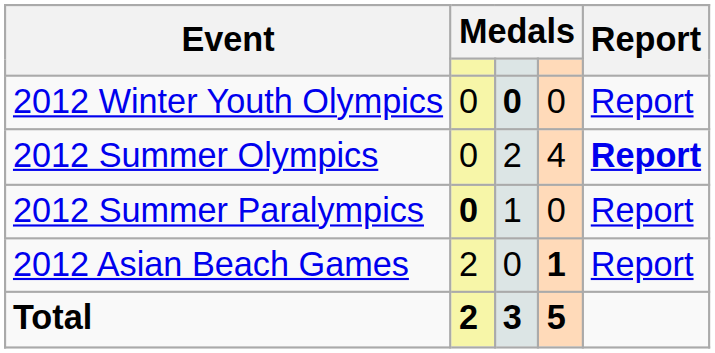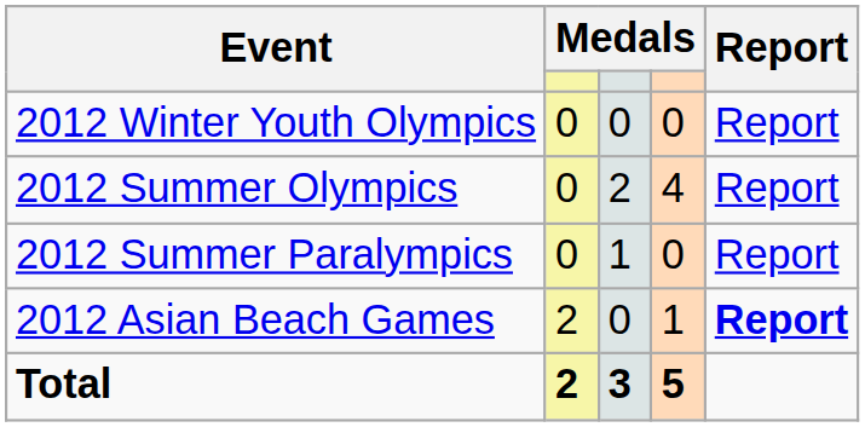 <table class=wikitable>
 <tr>
 <th rowspan=2>Event</th>
 <th colspan=3>Medals</th>
 <th rowspan=2>Report</th>
 </tr>
 <tr>
 <th style="background:#f7f6a8;"></th>
 <th style="background:#dce5e5;"></th>
 <th style="background:#ffdab9;"></th>
 </tr>
 <tr>
 <td><a href='#'>2012 Winter Youth Olympics</a></td>
 <td style="background:#f7f6a8;">0</td>
-<td style="background:#dce5e5;"><strong>0</strong></td>
+<td style="background:#dce5e5;">0</td>
 <td style="background:#ffdab9;">0</td>
 <td><a href='#'>Report</a></td>
 </tr>
 <tr>
 <td><a href='#'>2012 Summer Olympics</a></td>
 <td style="background:#f7f6a8;">0</td>
 <td style="background:#dce5e5;">2</td>
 <td style="background:#ffdab9;">4</td>
-<td><strong><a href='#'>Report</a></strong></td>
+<td><a href='#'>Report</a></td>
 </tr>
 <tr>
 <td><a href='#'>2012 Summer Paralympics</a></td>
-<td style="background:#f7f6a8;"><strong>0</strong></td>
+<td style="background:#f7f6a8;">0</td>
 <td style="background:#dce5e5;">1</td>
 <td style="background:#ffdab9;">0</td>
 <td><a href='#'>Report</a></td>
 </tr>
 <tr>
 <td><a href='#'>2012 Asian Beach Games</a></td>
 <td style="background:#f7f6a8;">2</td>
 <td style="background:#dce5e5;">0</td>
-<td style="background:#ffdab9;"><strong>1</strong></td>
-<td><a href='#'>Report</a></td>
+<td style="background:#ffdab9;">1</td>
+<td><strong><a href='#'>Report</a></strong></td>
 </tr>
 <tr>
 <td><strong>Total</strong></td>
 <td style="background:#f7f6a8;"><strong>2</strong></td>
 <td style="background:#dce5e5;"><strong>3</strong></td>
 <td style="background:#ffdab9;"><strong>5</strong></td>
 <td></td>
 </tr>
 </table>
